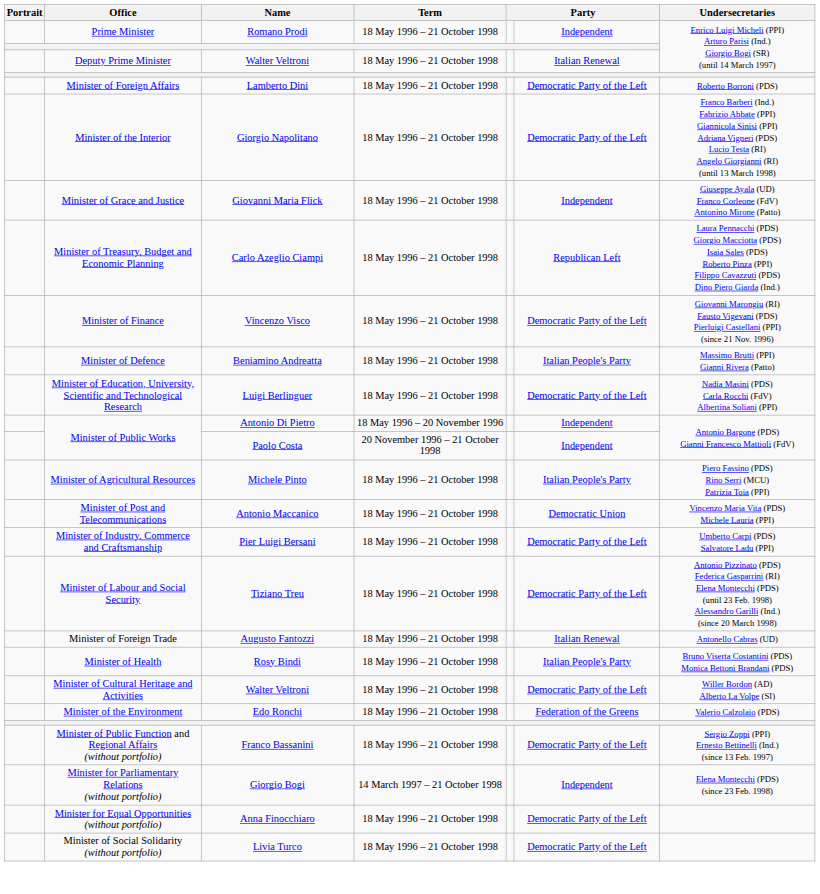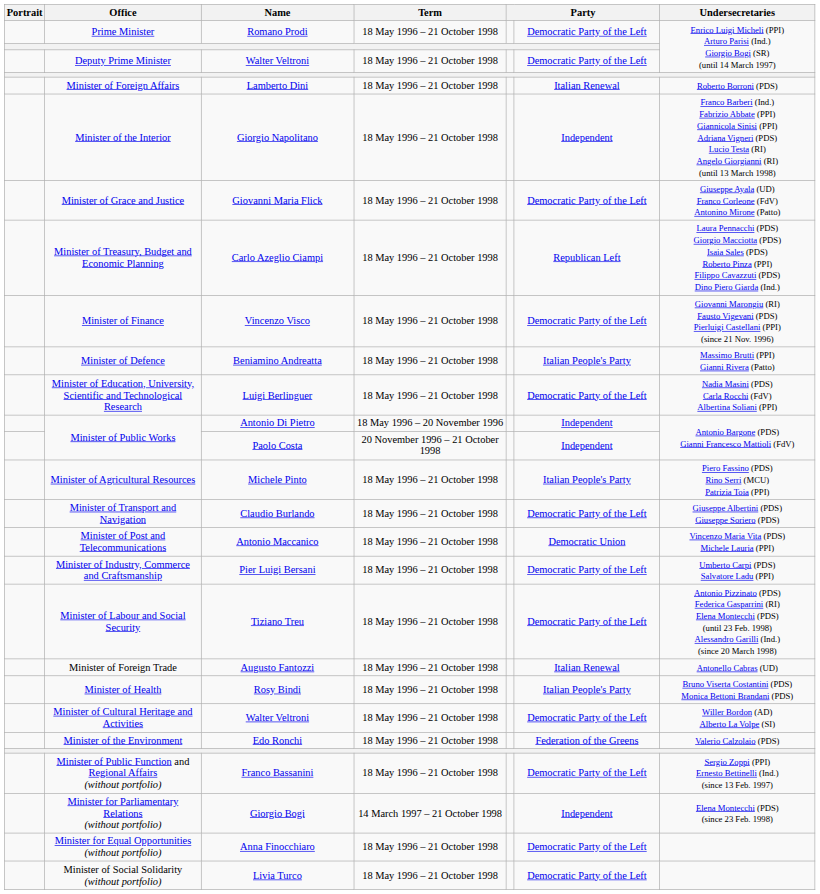 <table class="wikitable" style="text-align:center">
 <tr>
 <th>Portrait</th>
 <th width=20%>Office</th>
 <th width=20%>Name</th>
 <th width=20%>Term</th>
 <th width=20% colspan=2>Party</th>
 <th width=20%>Undersecretaries</th>
 </tr>
 <tr>
 <td></td>
 <td><a href='#'>Prime Minister</a></td>
 <td><a href='#'>Romano Prodi</a></td>
 <td>18 May 1996 – 21 October 1998</td>
 <td style="width:1%;; background:"></td>
-<td><a href='#'>Independent</a></td>
+<td><a href='#'>Democratic Party of the Left</a></td>
 <td rowspan="3"><small><a href='#'>Enrico Luigi Micheli</a> (PPI)<br><a href='#'>Arturo Parisi</a> (Ind.) <br><a href='#'>Giorgio Bogi</a> (SR)<br>(until 14 March 1997)</small></td>
 </tr>
 <tr>
 <th colspan="6"></th>
 </tr>
 <tr>
 <td></td>
 <td><a href='#'>Deputy Prime Minister</a></td>
 <td><a href='#'>Walter Veltroni</a></td>
 <td>18 May 1996 – 21 October 1998</td>
 <td style="width:1%;; background:"></td>
-<td><a href='#'>Italian Renewal</a></td>
+<td><a href='#'>Democratic Party of the Left</a></td>
 </tr>
 <tr>
 <th colspan="7"></th>
 </tr>
 <tr>
 <td></td>
 <td><a href='#'>Minister of Foreign Affairs</a></td>
 <td><a href='#'>Lamberto Dini</a></td>
 <td>18 May 1996 – 21 October 1998</td>
 <td style="width:1%;; background:"></td>
-<td><a href='#'>Democratic Party of the Left</a></td>
+<td><a href='#'>Italian Renewal</a></td>
 <td><small><a href='#'>Roberto Borroni</a> (PDS)</small></td>
 </tr>
 <tr>
 <td></td>
 <td><a href='#'>Minister of the Interior</a></td>
 <td><a href='#'>Giorgio Napolitano</a></td>
 <td>18 May 1996 – 21 October 1998</td>
 <td style="width:1%;; background:"></td>
-<td><a href='#'>Democratic Party of the Left</a></td>
+<td><a href='#'>Independent</a></td>
 <td><small><a href='#'>Franco Barberi</a> (Ind.) <br> <a href='#'>Fabrizio Abbate</a> (PPI) <br> <a href='#'>Giannicola Sinisi</a> (PPI) <br> <a href='#'>Adriana Vigneri</a> (PDS) <br> <a href='#'>Lucio Testa</a> (RI) <br> <a href='#'>Angelo Giorgianni</a> (RI)<br>(until 13 March 1998)</small></td>
 </tr>
 <tr>
 <td></td>
 <td><a href='#'>Minister of Grace and Justice</a></td>
 <td><a href='#'>Giovanni Maria Flick</a></td>
 <td>18 May 1996 – 21 October 1998</td>
 <td style="width:1%;; background:"></td>
-<td><a href='#'>Independent</a></td>
+<td><a href='#'>Democratic Party of the Left</a></td>
 <td><small><a href='#'>Giuseppe Ayala</a> (UD) <br> <a href='#'>Franco Corleone</a> (FdV) <br> <a href='#'>Antonino Mirone</a> (Patto)</small></td>
 </tr>
 <tr>
 <td></td>
 <td><a href='#'>Minister of Treasury, Budget and Economic Planning</a></td>
 <td><a href='#'>Carlo Azeglio Ciampi</a></td>
 <td>18 May 1996 – 21 October 1998</td>
 <td style="width:1%;; background:"></td>
 <td><a href='#'>Republican Left</a></td>
 <td><small><a href='#'>Laura Pennacchi</a> (PDS) <br> <a href='#'>Giorgio Macciotta</a> (PDS) <br> <a href='#'>Isaia Sales</a> (PDS) <br> <a href='#'>Roberto Pinza</a> (PPI) <br> <a href='#'>Filippo Cavazzuti</a> (PDS) <br> <a href='#'>Dino Piero Giarda</a> (Ind.)</small></td>
 </tr>
 <tr>
 <td></td>
 <td><a href='#'>Minister of Finance</a></td>
 <td><a href='#'>Vincenzo Visco</a></td>
 <td>18 May 1996 – 21 October 1998</td>
 <td style="width:1%;; background:"></td>
 <td><a href='#'>Democratic Party of the Left</a></td>
 <td><small><a href='#'>Giovanni Marongiu</a> (RI) <br> <a href='#'>Fausto Vigevani</a> (PDS) <br> <a href='#'>Pierluigi Castellani</a> (PPI)<br>(since 21 Nov. 1996)</small></td>
 </tr>
 <tr>
 <td></td>
 <td><a href='#'>Minister of Defence</a></td>
 <td><a href='#'>Beniamino Andreatta</a></td>
 <td>18 May 1996 – 21 October 1998</td>
 <td style="width:1%;; background:"></td>
 <td><a href='#'>Italian People's Party</a></td>
 <td><small><a href='#'>Massimo Brutti</a> (PPI) <br> <a href='#'>Gianni Rivera</a> (Patto)</small></td>
 </tr>
 <tr>
 <td></td>
 <td><a href='#'>Minister of Education, University, Scientific and Technological Research</a></td>
 <td><a href='#'>Luigi Berlinguer</a></td>
 <td>18 May 1996 – 21 October 1998</td>
 <td style="width:1%;; background:"></td>
 <td><a href='#'>Democratic Party of the Left</a></td>
 <td><small><a href='#'>Nadia Masini</a> (PDS) <br> <a href='#'>Carla Rocchi</a> (FdV) <br> <a href='#'>Albertina Soliani</a> (PPI)</small></td>
 </tr>
 <tr>
 <td></td>
 <td rowspan=2><a href='#'>Minister of Public Works</a></td>
 <td><a href='#'>Antonio Di Pietro</a></td>
 <td>18 May 1996 – 20 November 1996</td>
 <td style="width:1%;; background:"></td>
 <td><a href='#'>Independent</a></td>
 <td rowspan=2><small><a href='#'>Antonio Bargone</a> (PDS) <br> <a href='#'>Gianni Francesco Mattioli</a> (FdV)</small></td>
 </tr>
 <tr>
 <td></td>
 <td><a href='#'>Paolo Costa</a></td>
 <td>20 November 1996 – 21 October 1998</td>
 <td style="width:1%;; background:"></td>
 <td><a href='#'>Independent</a></td>
 </tr>
 <tr>
 <td></td>
 <td><a href='#'>Minister of Agricultural Resources</a></td>
 <td><a href='#'>Michele Pinto</a></td>
 <td>18 May 1996 – 21 October 1998</td>
 <td style="width:1%;; background:"></td>
 <td><a href='#'>Italian People's Party</a></td>
 <td><small><a href='#'>Piero Fassino</a> (PDS) <br> <a href='#'>Rino Serri</a> (MCU) <br> <a href='#'>Patrizia Toia</a> (PPI)</small></td>
+</tr>
+<tr>
+<td></td>
+<td><a href='#'>Minister of Transport and Navigation</a></td>
+<td><a href='#'>Claudio Burlando</a></td>
+<td>18 May 1996 – 21 October 1998</td>
+<td style="width:1%;; background:"></td>
+<td><a href='#'>Democratic Party of the Left</a></td>
+<td><small><a href='#'>Giuseppe Albertini</a> (PDS) <br> <a href='#'>Giuseppe Soriero</a> (PDS)</small></td>
 </tr>
 <tr>
 <td></td>
 <td><a href='#'>Minister of Post and Telecommunications</a></td>
 <td><a href='#'>Antonio Maccanico</a></td>
 <td>18 May 1996 – 21 October 1998</td>
 <td style="width:1%;; background:"></td>
 <td><a href='#'>Democratic Union</a></td>
 <td><small><a href='#'>Vincenzo Maria Vita</a> (PDS) <br> <a href='#'>Michele Lauria</a> (PPI)</small></td>
 </tr>
 <tr>
 <td></td>
 <td><a href='#'>Minister of Industry, Commerce and Craftsmanship</a></td>
 <td><a href='#'>Pier Luigi Bersani</a></td>
 <td>18 May 1996 – 21 October 1998</td>
 <td style="width:1%;; background:"></td>
 <td><a href='#'>Democratic Party of the Left</a></td>
 <td><small><a href='#'>Umberto Carpi</a> (PDS) <br> <a href='#'>Salvatore Ladu</a> (PPI)</small></td>
 </tr>
 <tr>
 <td></td>
 <td><a href='#'>Minister of Labour and Social Security</a></td>
 <td><a href='#'>Tiziano Treu</a></td>
 <td>18 May 1996 – 21 October 1998</td>
 <td style="width:1%;; background:"></td>
 <td><a href='#'>Democratic Party of the Left</a></td>
 <td><small><a href='#'>Antonio Pizzinato</a> (PDS) <br> <a href='#'>Federica Gasparrini</a> (RI) <br> <a href='#'>Elena Montecchi</a> (PDS)<br>(until 23 Feb. 1998) <br> <a href='#'>Alessandro Garilli</a> (Ind.)<br>(since 20 March 1998)</small></td>
 </tr>
 <tr>
 <td></td>
 <td>Minister of Foreign Trade</td>
 <td><a href='#'>Augusto Fantozzi</a></td>
 <td>18 May 1996 – 21 October 1998</td>
 <td style="width:1%;; background:"></td>
 <td><a href='#'>Italian Renewal</a></td>
 <td><small><a href='#'>Antonello Cabras</a> (UD)</small></td>
 </tr>
 <tr>
 <td></td>
 <td><a href='#'>Minister of Health</a></td>
 <td><a href='#'>Rosy Bindi</a></td>
 <td>18 May 1996 – 21 October 1998</td>
 <td style="width:1%;; background:"></td>
 <td><a href='#'>Italian People's Party</a></td>
 <td><small><a href='#'>Bruno Viserta Costantini</a> (PDS) <br> <a href='#'>Monica Bettoni Brandani</a> (PDS)</small></td>
 </tr>
 <tr>
 <td></td>
 <td><a href='#'>Minister of Cultural Heritage and Activities</a></td>
 <td><a href='#'>Walter Veltroni</a></td>
 <td>18 May 1996 – 21 October 1998</td>
 <td style="width:1%;; background:"></td>
 <td><a href='#'>Democratic Party of the Left</a></td>
 <td><small><a href='#'>Willer Bordon</a> (AD) <br> <a href='#'>Alberto La Volpe</a> (SI)</small></td>
 </tr>
 <tr>
 <td></td>
 <td><a href='#'>Minister of the Environment</a></td>
 <td><a href='#'>Edo Ronchi</a></td>
 <td>18 May 1996 – 21 October 1998</td>
 <td style="width:1%;; background:"></td>
 <td><a href='#'>Federation of the Greens</a></td>
 <td><small><a href='#'>Valerio Calzolaio</a> (PDS)</small></td>
 </tr>
 <tr>
 <th colspan="7"></th>
 </tr>
 <tr>
 <td></td>
 <td><a href='#'>Minister of Public Function</a> and <a href='#'>Regional Affairs</a> <br> <em>(without portfolio)</em></td>
 <td><a href='#'>Franco Bassanini</a></td>
 <td>18 May 1996 – 21 October 1998</td>
 <td style="width:1%;; background:"></td>
 <td><a href='#'>Democratic Party of the Left</a></td>
 <td><small><a href='#'>Sergio Zoppi</a> (PPI) <br> <a href='#'>Ernesto Bettinelli</a> (Ind.)<br>(since 13 Feb. 1997)</small></td>
 </tr>
 <tr>
 <td></td>
 <td><a href='#'>Minister for Parliamentary Relations</a> <br> <em>(without portfolio)</em></td>
 <td><a href='#'>Giorgio Bogi</a></td>
 <td>14 March 1997 – 21 October 1998</td>
 <td style="width:1%;; background:"></td>
 <td><a href='#'>Independent</a></td>
 <td><small> <a href='#'>Elena Montecchi</a> (PDS)<br>(since 23 Feb. 1998)</small></td>
 </tr>
 <tr>
 <td></td>
 <td><a href='#'>Minister for Equal Opportunities</a> <br> <em>(without portfolio)</em></td>
 <td><a href='#'>Anna Finocchiaro</a></td>
 <td>18 May 1996 – 21 October 1998</td>
 <td style="width:1%;; background:"></td>
 <td><a href='#'>Democratic Party of the Left</a></td>
 <td></td>
 </tr>
 <tr>
 <td></td>
 <td>Minister of Social Solidarity <br> <em>(without portfolio)</em></td>
 <td><a href='#'>Livia Turco</a></td>
 <td>18 May 1996 – 21 October 1998</td>
 <td style="width:1%;; background:"></td>
 <td><a href='#'>Democratic Party of the Left</a></td>
 <td></td>
 </tr>
 </table>
